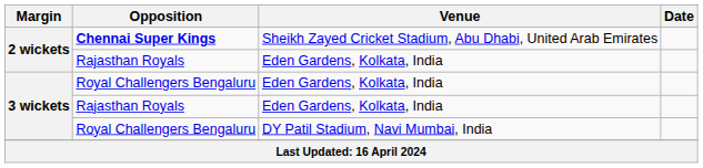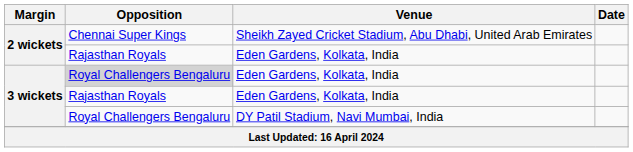 <table class="wikitable sortable" style="text-align:left;font-size:96%;">
 <tr>
 <th>Margin</th>
 <th>Opposition</th>
 <th>Venue</th>
 <th>Date</th>
 </tr>
 <tr>
 <th rowspan=2>2 wickets</th>
-<td><strong><a href='#'>Chennai Super Kings</a></strong></td>
+<td><a href='#'>Chennai Super Kings</a></td>
 <td><a href='#'>Sheikh Zayed Cricket Stadium</a>, <a href='#'>Abu Dhabi</a>, United Arab Emirates</td>
 <td></td>
 </tr>
 <tr>
 <td><a href='#'>Rajasthan Royals</a></td>
 <td><a href='#'>Eden Gardens</a>, <a href='#'>Kolkata</a>, India</td>
 <td></td>
 </tr>
 <tr>
 <th rowspan=3>3 wickets</th>
-<td><a href='#'>Royal Challengers Bengaluru</a></td>
+<td style="background: lightgrey;"><a href='#'>Royal Challengers Bengaluru</a></td>
 <td><a href='#'>Eden Gardens</a>, <a href='#'>Kolkata</a>, India</td>
 <td></td>
 </tr>
 <tr>
 <td><a href='#'>Rajasthan Royals</a></td>
 <td><a href='#'>Eden Gardens</a>, <a href='#'>Kolkata</a>, India</td>
 <td></td>
 </tr>
 <tr>
 <td><a href='#'>Royal Challengers Bengaluru</a></td>
 <td><a href='#'>DY Patil Stadium</a>, <a href='#'>Navi Mumbai</a>, India</td>
 <td></td>
 </tr>
 <tr>
 </tr>
 <tr class="sortbottom">
 <th colspan="4"><small>Last Updated: 16 April 2024</small></th>
 </tr>
 </table>
